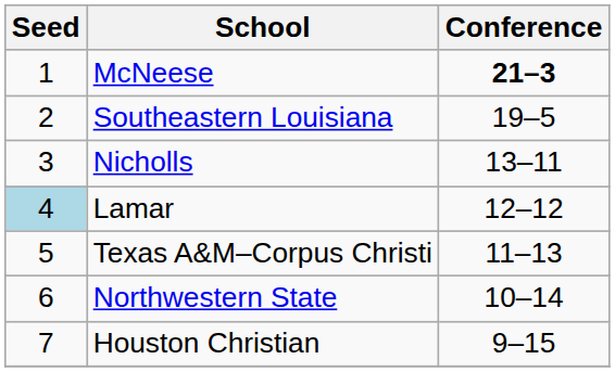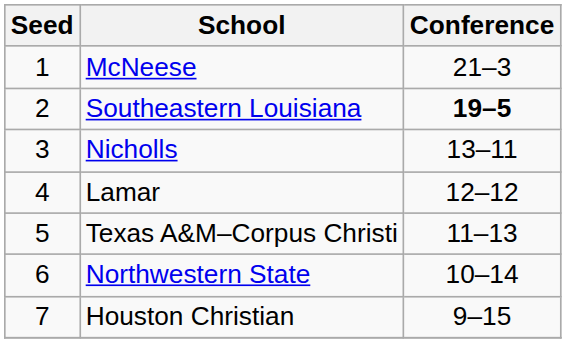 <table class="wikitable" style="text-align:center">
 <tr>
 <th>Seed</th>
 <th>School</th>
 <th>Conference</th>
 </tr>
 <tr>
 <td>1</td>
 <td align="left"><a href='#'>McNeese</a></td>
-<td><strong>21–3</strong></td>
+<td>21–3</td>
 </tr>
 <tr>
 <td>2</td>
 <td align="left"><a href='#'>Southeastern Louisiana</a></td>
-<td>19–5</td>
+<td><strong>19–5</strong></td>
 </tr>
 <tr>
 <td>3</td>
 <td align="left"><a href='#'>Nicholls</a></td>
 <td>13–11</td>
 </tr>
 <tr>
-<td style="background: lightblue;">4</td>
+<td>4</td>
 <td align="left">Lamar</td>
 <td>12–12</td>
 </tr>
 <tr>
 <td>5</td>
 <td align="left">Texas A&M–Corpus Christi</td>
 <td>11–13</td>
 </tr>
 <tr>
 <td>6</td>
 <td align="left"><a href='#'>Northwestern State</a></td>
 <td>10–14</td>
 </tr>
 <tr>
 <td>7</td>
 <td align="left">Houston Christian</td>
 <td>9–15</td>
 </tr>
 <tr>
 </tr>
 </table>
